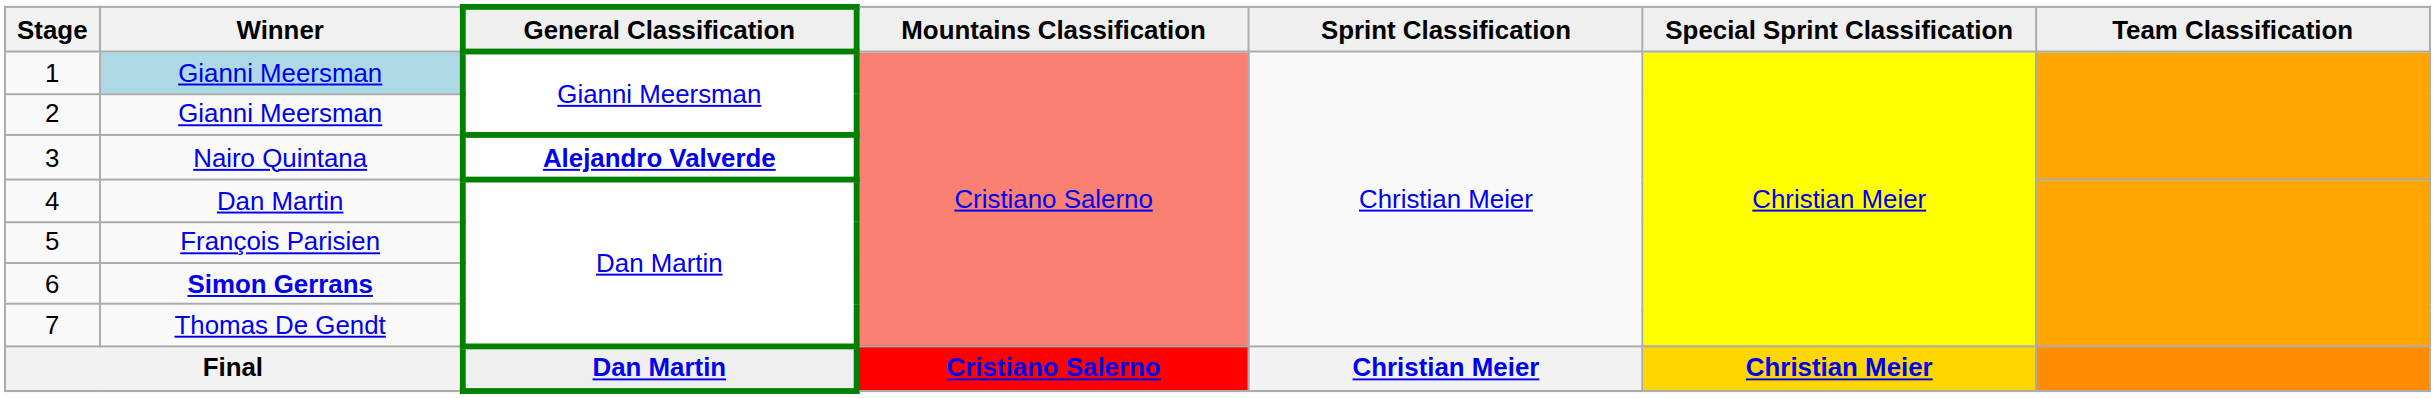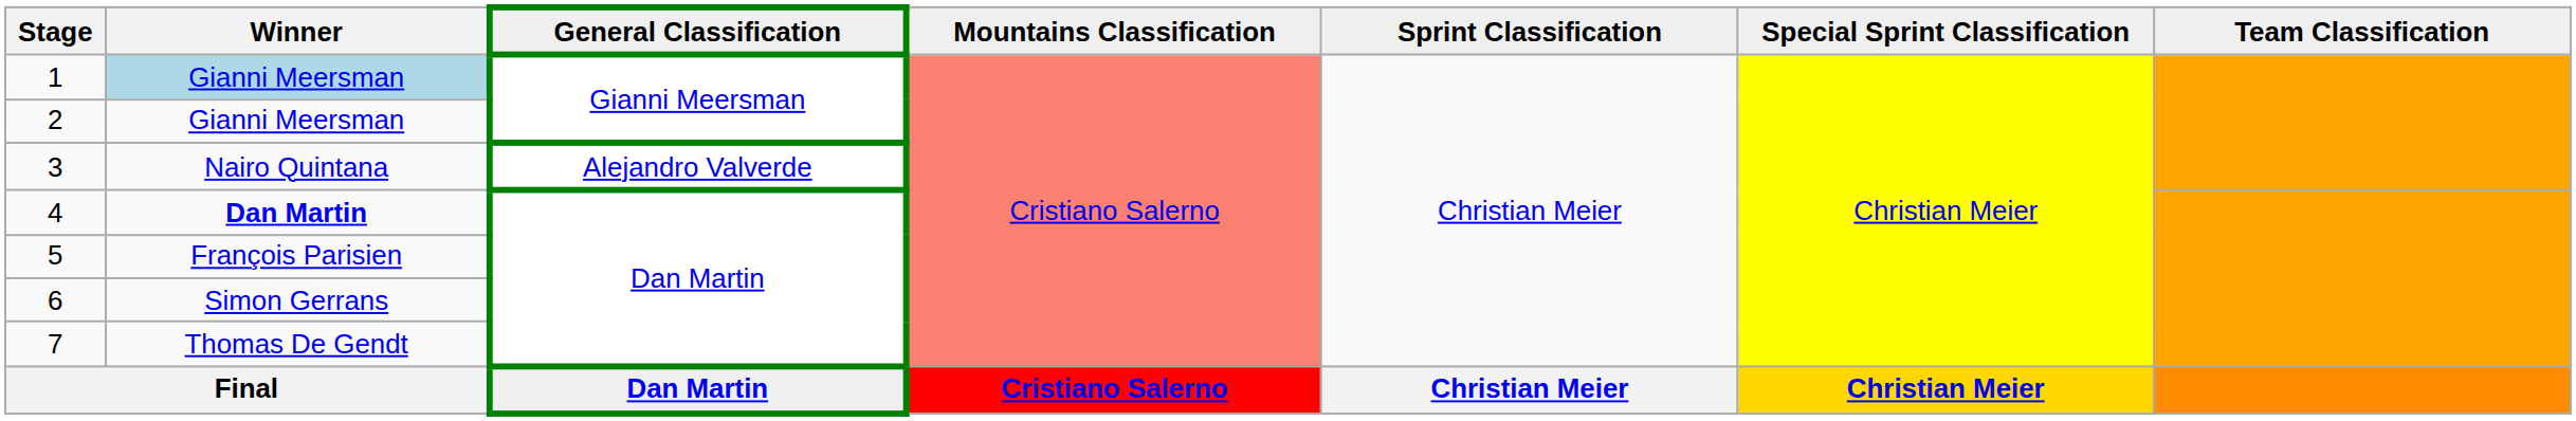 <table class="wikitable" style="text-align: center; font-size:smaller;">
 <tr>
 <th width="2%">Stage</th>
 <th width="12%">Winner</th>
 <th style="background:#efefef; border:3px solid green;" width="13%"><strong>General Classification</strong><br></th>
 <th style="background:#efefef;" width="13%"><strong>Mountains Classification</strong><br></th>
 <th style="background:#efefef;" width="13%"><strong>Sprint Classification</strong><br></th>
 <th style="background:#efefef;" width="13%"><strong>Special Sprint Classification</strong><br></th>
 <th style="background:#efefef;" width="13%"><strong>Team Classification</strong></th>
 </tr>
 <tr>
 <td>1</td>
 <td style="background: lightblue;"><a href='#'>Gianni Meersman</a></td>
 <td style="background:white; border:3px solid green;" rowspan=2><a href='#'>Gianni Meersman</a></td>
 <td style="background:salmon;" rowspan=7><a href='#'>Cristiano Salerno</a></td>
 <td style="background:offwhite;" rowspan=7><a href='#'>Christian Meier</a></td>
 <td style="background:yellow;" rowspan=7><a href='#'>Christian Meier</a></td>
 <td style="background:orange;" rowspan=3></td>
 </tr>
 <tr>
 <td>2</td>
 <td><a href='#'>Gianni Meersman</a></td>
 </tr>
 <tr>
 <td>3</td>
 <td><a href='#'>Nairo Quintana</a></td>
-<td style="background:white; border:3px solid green;"><strong><a href='#'>Alejandro Valverde</a></strong></td>
+<td style="background:white; border:3px solid green;"><a href='#'>Alejandro Valverde</a></td>
 </tr>
 <tr>
 <td>4</td>
-<td><a href='#'>Dan Martin</a></td>
+<td><strong><a href='#'>Dan Martin</a></strong></td>
 <td style="background:white; border:3px solid green;" rowspan=4><a href='#'>Dan Martin</a></td>
 <td style="background:orange;" rowspan=4></td>
 </tr>
 <tr>
 <td>5</td>
 <td><a href='#'>François Parisien</a></td>
 </tr>
 <tr>
 <td>6</td>
-<td><strong><a href='#'>Simon Gerrans</a></strong></td>
+<td><a href='#'>Simon Gerrans</a></td>
 </tr>
 <tr>
 <td>7</td>
 <td><a href='#'>Thomas De Gendt</a></td>
 </tr>
 <tr>
 <th colspan=2><strong>Final</strong></th>
 <th style="background:#efefef; border:3px solid green;"><a href='#'>Dan Martin</a></th>
 <th style="background:red;"><a href='#'>Cristiano Salerno</a></th>
 <th style="background:offwhite;"><a href='#'>Christian Meier</a></th>
 <th style="background:gold;"><a href='#'>Christian Meier</a></th>
 <th style="background:#FF8C00;"></th>
 </tr>
 </table>
